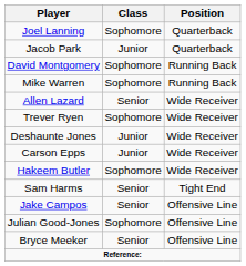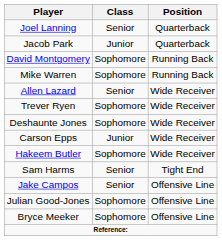 <table class="wikitable" style="text-align: center">
 <tr align=center>
 <th>Player</th>
 <th>Class</th>
 <th>Position</th>
 </tr>
 <tr>
 <td><a href='#'>Joel Lanning</a></td>
-<td>Sophomore</td>
+<td>Senior</td>
 <td>Quarterback</td>
 </tr>
 <tr>
 <td>Jacob Park</td>
 <td>Junior</td>
 <td>Quarterback</td>
 </tr>
 <tr>
 <td><a href='#'>David Montgomery</a></td>
 <td>Sophomore</td>
 <td>Running Back</td>
 </tr>
 <tr>
 <td>Mike Warren</td>
 <td>Sophomore</td>
 <td>Running Back</td>
 </tr>
 <tr>
 <td><a href='#'>Allen Lazard</a></td>
 <td>Senior</td>
 <td>Wide Receiver</td>
 </tr>
 <tr>
 <td>Trever Ryen</td>
 <td>Sophomore</td>
 <td>Wide Receiver</td>
 </tr>
 <tr>
 <td>Deshaunte Jones</td>
-<td>Junior</td>
+<td>Sophomore</td>
 <td>Wide Receiver</td>
 </tr>
 <tr>
 <td>Carson Epps</td>
 <td>Junior</td>
 <td>Wide Receiver</td>
 </tr>
 <tr>
 <td><a href='#'>Hakeem Butler</a></td>
 <td>Sophomore</td>
 <td>Wide Receiver</td>
 </tr>
 <tr>
 <td>Sam Harms</td>
 <td>Senior</td>
 <td>Tight End</td>
 </tr>
 <tr>
 <td><a href='#'>Jake Campos</a></td>
 <td>Senior</td>
 <td>Offensive Line</td>
 </tr>
 <tr>
 <td>Julian Good-Jones</td>
 <td>Sophomore</td>
 <td>Offensive Line</td>
 </tr>
 <tr>
 <td>Bryce Meeker</td>
-<td>Senior</td>
+<td>Sophomore</td>
 <td>Offensive Line</td>
 </tr>
 <tr>
 <td colspan="3"  style="font-size:8pt; text-align:center;"><strong>Reference:</strong></td>
 </tr>
 </table>
